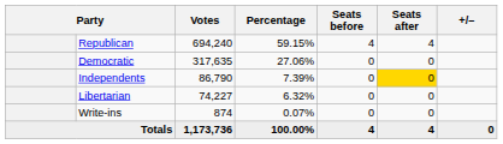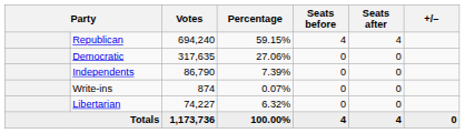 <table class="wikitable" style="font-size: 95%;">
 <tr>
 <th colspan=2 style="width: 15em">Party</th>
 <th style="width: 5em">Votes</th>
 <th style="width: 7em">Percentage</th>
 <th style="width: 5em">Seats before</th>
 <th style="width: 5em">Seats after</th>
 <th style="width: 5em">+/–</th>
 </tr>
 <tr>
 <th style="background:"></th>
 <td style="width: 130px"><a href='#'>Republican</a></td>
 <td style="text-align:right;">694,240</td>
 <td style="text-align:right;">59.15%</td>
 <td style="text-align:right;">4</td>
 <td style="text-align:right;">4</td>
 <td style="text-align:right;"></td>
 </tr>
 <tr>
 <th style="background:"></th>
 <td style="width: 130px"><a href='#'>Democratic</a></td>
 <td style="text-align:right;">317,635</td>
 <td style="text-align:right;">27.06%</td>
 <td style="text-align:right;">0</td>
 <td style="text-align:right;">0</td>
 <td style="text-align:right;"></td>
 </tr>
 <tr>
 <th style="background:"></th>
 <td style="width: 130px"><a href='#'>Independents</a></td>
 <td style="text-align:right;">86,790</td>
 <td style="text-align:right;">7.39%</td>
 <td style="text-align:right;">0</td>
-<td style="background: gold; text-align:right;">0</td>
-<td style="text-align:right;"></td>
-</tr>
-<tr>
-<th style="background:"></th>
-<td style="width: 130px"><a href='#'>Libertarian</a></td>
-<td style="text-align:right;">74,227</td>
-<td style="text-align:right;">6.32%</td>
-<td style="text-align:right;">0</td>
 <td style="text-align:right;">0</td>
 <td style="text-align:right;"></td>
 </tr>
 <tr>
 <th style="background:"></th>
 <td style="width: 130px">Write-ins</td>
 <td style="text-align:right;">874</td>
 <td style="text-align:right;">0.07%</td>
+<td style="text-align:right;">0</td>
+<td style="text-align:right;">0</td>
+<td style="text-align:right;"></td>
+</tr>
+<tr>
+<th style="background:"></th>
+<td style="width: 130px"><a href='#'>Libertarian</a></td>
+<td style="text-align:right;">74,227</td>
+<td style="text-align:right;">6.32%</td>
 <td style="text-align:right;">0</td>
 <td style="text-align:right;">0</td>
 <td style="text-align:right;"></td>
 </tr>
 <tr style="background:#eee; text-align:right;">
 <td colspan="2"><strong>Totals</strong></td>
 <td><strong>1,173,736</strong></td>
 <td><strong>100.00%</strong></td>
 <td><strong>4</strong></td>
 <td><strong>4</strong></td>
 <td><strong>0</strong></td>
 </tr>
 </table>
